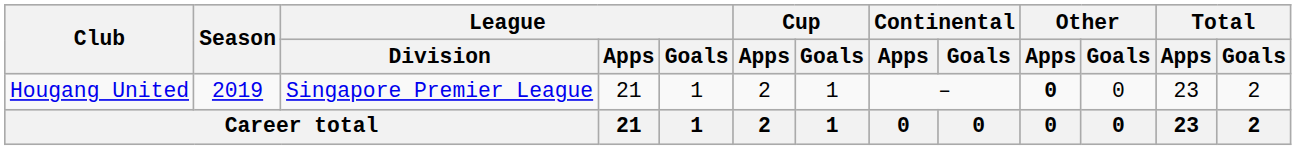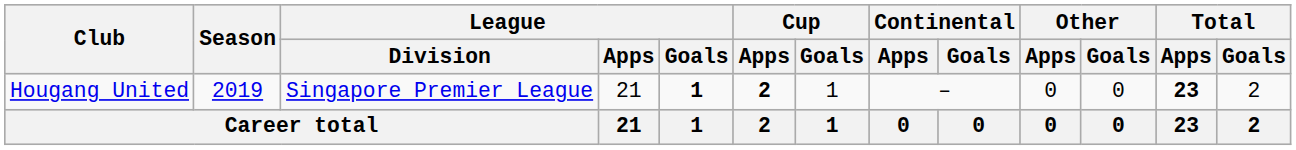 <table class="wikitable" style="text-align: center">
 <tr>
 <th rowspan="2">Club</th>
 <th rowspan="2">Season</th>
 <th colspan="3">League</th>
 <th colspan="2">Cup</th>
 <th colspan="2">Continental</th>
 <th colspan="2">Other</th>
 <th colspan="2">Total</th>
 </tr>
 <tr>
 <th>Division</th>
 <th>Apps</th>
 <th>Goals</th>
 <th>Apps</th>
 <th>Goals</th>
 <th>Apps</th>
 <th>Goals</th>
 <th>Apps</th>
 <th>Goals</th>
 <th>Apps</th>
 <th>Goals</th>
 </tr>
 <tr>
 <td><a href='#'>Hougang United</a></td>
 <td><a href='#'>2019</a></td>
 <td><a href='#'>Singapore Premier League</a></td>
 <td>21</td>
-<td>1</td>
-<td>2</td>
+<td><strong>1</strong></td>
+<td><strong>2</strong></td>
 <td>1</td>
 <td colspan="2">–</td>
-<td><strong>0</strong></td>
 <td>0</td>
-<td>23</td>
+<td>0</td>
+<td><strong>23</strong></td>
 <td>2</td>
 </tr>
 <tr>
 <th colspan=3>Career total</th>
 <th>21</th>
 <th>1</th>
 <th>2</th>
 <th>1</th>
 <th>0</th>
 <th>0</th>
 <th>0</th>
 <th>0</th>
 <th>23</th>
 <th>2</th>
 </tr>
 </table>
